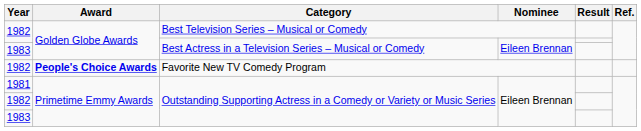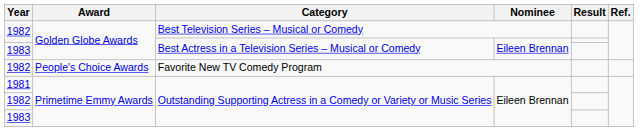 <table class="wikitable">
 <tr>
 <th>Year</th>
 <th>Award</th>
 <th>Category</th>
 <th>Nominee</th>
 <th>Result</th>
 <th>Ref.</th>
 </tr>
 <tr>
 <td rowspan="2"><a href='#'>1982</a></td>
 <td rowspan="3"><a href='#'>Golden Globe Awards</a></td>
 <td colspan="2"><a href='#'>Best Television Series – Musical or Comedy</a></td>
 <td></td>
 <td rowspan="3" align="center"></td>
 </tr>
 <tr>
 <td rowspan="2"><a href='#'>Best Actress in a Television Series – Musical or Comedy</a></td>
 <td rowspan="2"><a href='#'>Eileen Brennan</a></td>
 <td></td>
 </tr>
 <tr>
 <td><a href='#'>1983</a></td>
 <td></td>
 </tr>
 <tr>
 <td><a href='#'>1982</a></td>
-<td><strong><a href='#'>People's Choice Awards</a></strong></td>
+<td><a href='#'>People's Choice Awards</a></td>
 <td colspan="2">Favorite New TV Comedy Program</td>
 <td></td>
 <td align="center"></td>
 </tr>
 <tr>
 <td><a href='#'>1981</a></td>
 <td rowspan="3"><a href='#'>Primetime Emmy Awards</a></td>
 <td rowspan="3"><a href='#'>Outstanding Supporting Actress in a Comedy or Variety or Music Series</a></td>
 <td rowspan="3">Eileen Brennan</td>
 <td></td>
 <td rowspan="3" align="center"></td>
 </tr>
 <tr>
 <td><a href='#'>1982</a></td>
 <td></td>
 </tr>
 <tr>
 <td><a href='#'>1983</a></td>
 <td></td>
 </tr>
 </table>
